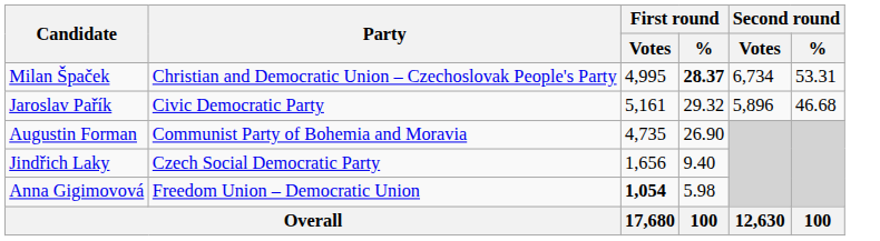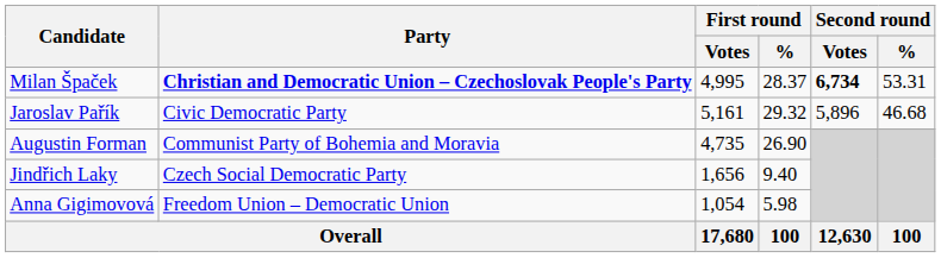 <table class="wikitable">
 <tr>
 <th rowspan=2>Candidate</th>
 <th rowspan=2>Party</th>
 <th colspan=2>First round</th>
 <th colspan=2>Second round</th>
 </tr>
 <tr>
 <th>Votes</th>
 <th>%</th>
 <th>Votes</th>
 <th>%</th>
 </tr>
 <tr>
 <td><a href='#'>Milan Špaček</a></td>
-<td><a href='#'>Christian and Democratic Union – Czechoslovak People's Party</a></td>
+<td><strong><a href='#'>Christian and Democratic Union – Czechoslovak People's Party</a></strong></td>
 <td>4,995</td>
-<td><strong>28.37</strong></td>
-<td>6,734</td>
+<td>28.37</td>
+<td><strong>6,734</strong></td>
 <td>53.31</td>
 </tr>
 <tr>
 <td><a href='#'>Jaroslav Pařík</a></td>
 <td><a href='#'>Civic Democratic Party</a></td>
 <td>5,161</td>
 <td>29.32</td>
 <td>5,896</td>
 <td>46.68</td>
 </tr>
 <tr>
 <td><a href='#'>Augustin Forman</a></td>
 <td><a href='#'>Communist Party of Bohemia and Moravia</a></td>
 <td>4,735</td>
 <td>26.90</td>
 <td rowspan="3"  style="background-color:lightgrey;"> </td>
 <td rowspan="3"  style="background-color:lightgrey;"> </td>
 </tr>
 <tr>
 <td><a href='#'>Jindřich Laky</a></td>
 <td><a href='#'>Czech Social Democratic Party</a></td>
 <td>1,656</td>
 <td>9.40</td>
 </tr>
 <tr>
 <td><a href='#'>Anna Gigimovová</a></td>
 <td><a href='#'>Freedom Union – Democratic Union</a></td>
-<td><strong>1,054</strong></td>
+<td>1,054</td>
 <td>5.98</td>
 </tr>
 <tr>
 <th Colspan="2">Overall</th>
 <th>17,680</th>
 <th>100</th>
 <th>12,630</th>
 <th>100</th>
 </tr>
 </table>
